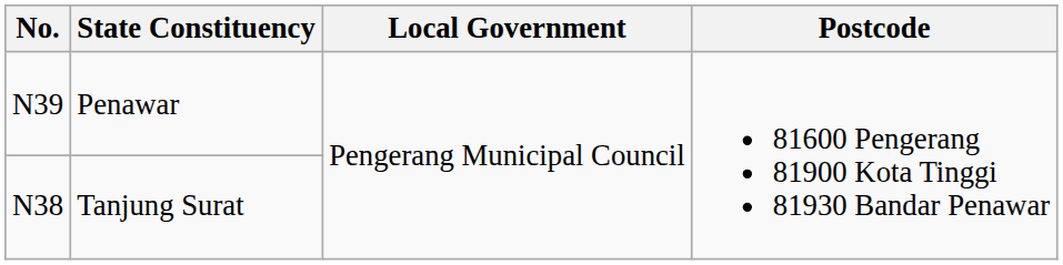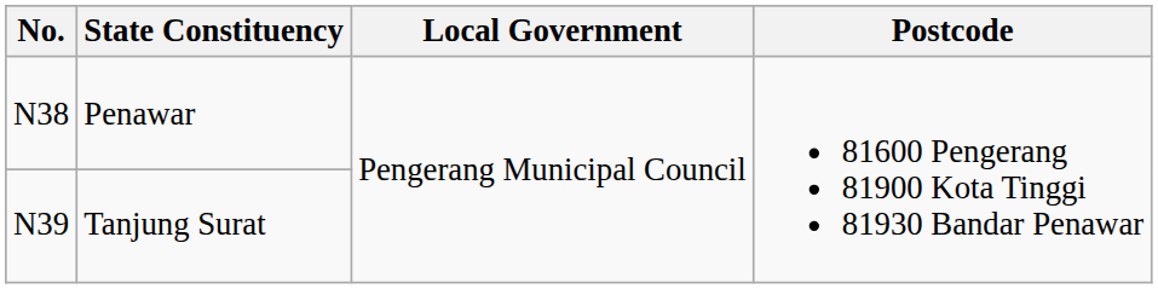 <table class="wikitable">
 <tr>
 <th>No.</th>
 <th>State Constituency</th>
 <th>Local Government</th>
 <th>Postcode</th>
 </tr>
 <tr>
-<td>N39</td>
+<td>N38</td>
 <td>Penawar</td>
 <td rowspan="2">Pengerang Municipal Council</td>
 <td rowspan="2"><br><ul><li>81600 Pengerang</li><li>81900 Kota Tinggi</li><li>81930 Bandar Penawar</li></ul></td>
 </tr>
 <tr>
-<td>N38</td>
+<td>N39</td>
 <td>Tanjung Surat</td>
 </tr>
 </table>
